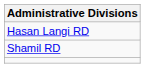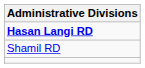 <table class="wikitable">
 <tr>
 <th>Administrative Divisions</th>
 </tr>
 <tr>
-<td><a href='#'>Hasan Langi RD</a></td>
+<td><strong><a href='#'>Hasan Langi RD</a></strong></td>
 </tr>
 <tr>
 <td><a href='#'>Shamil RD</a></td>
 </tr>
 <tr>
 <td colspan=1></td>
 </tr>
 </table>
